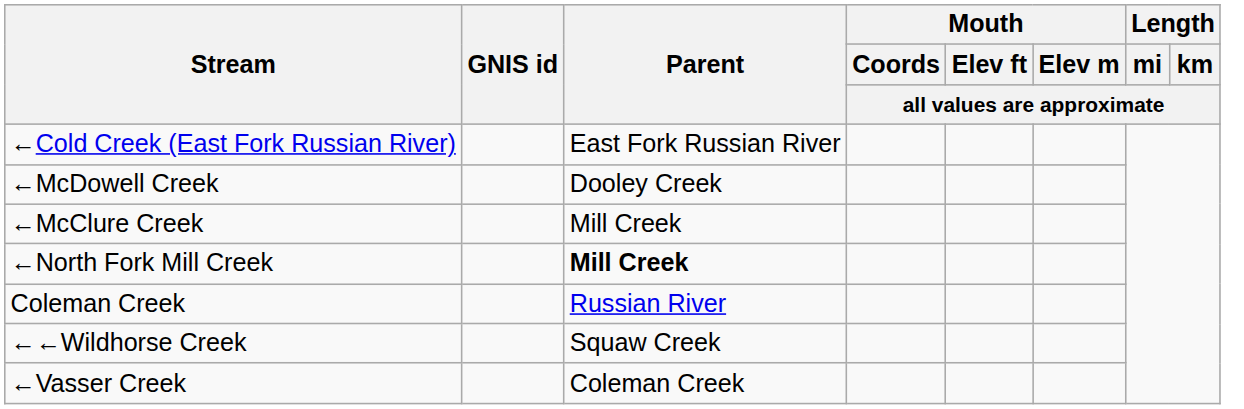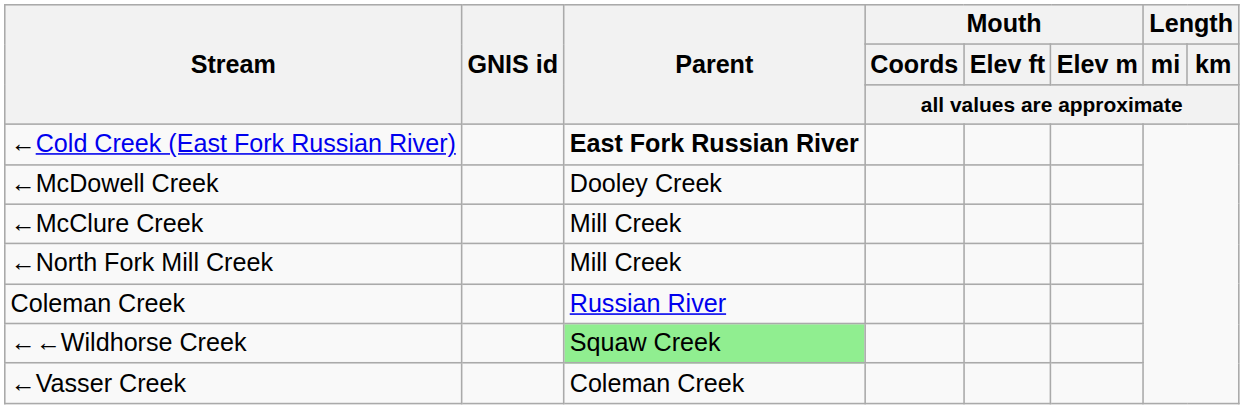 <table class="wikitable sortable">
 <tr>
 <th rowspan=3>Stream</th>
 <th rowspan=3>GNIS id</th>
 <th rowspan=3>Parent</th>
 <th colspan=3>Mouth</th>
 <th colspan=2>Length</th>
 </tr>
 <tr>
 <th>Coords</th>
 <th>Elev ft</th>
 <th>Elev m</th>
 <th>mi</th>
 <th>km</th>
 </tr>
 <tr>
 <th colspan=5><small>all values are approximate</small></th>
 </tr>
 <tr>
 <td> ←<a href='#'>Cold Creek (East Fork Russian River)</a></td>
 <td></td>
-<td>East Fork Russian River</td>
+<td><strong>East Fork Russian River</strong></td>
 <td></td>
 <td></td>
 <td></td>
 </tr>
 <tr>
 <td> ←McDowell Creek</td>
 <td></td>
 <td>Dooley Creek</td>
 <td></td>
 <td></td>
 <td></td>
 </tr>
 <tr>
 <td> ←McClure Creek</td>
 <td></td>
 <td>Mill Creek</td>
 <td></td>
 <td></td>
 <td></td>
 </tr>
 <tr>
 <td> ←North Fork Mill Creek</td>
 <td></td>
-<td><strong>Mill Creek</strong></td>
+<td>Mill Creek</td>
 <td></td>
 <td></td>
 <td></td>
 </tr>
 <tr>
 <td> Coleman Creek</td>
 <td></td>
 <td><a href='#'>Russian River</a></td>
 <td></td>
 <td></td>
 <td></td>
 </tr>
 <tr>
 <td> ←←Wildhorse Creek</td>
 <td></td>
-<td>Squaw Creek</td>
+<td style="background: lightgreen;">Squaw Creek</td>
 <td></td>
 <td></td>
 <td></td>
 </tr>
 <tr>
 <td> ←Vasser Creek</td>
 <td></td>
 <td>Coleman Creek</td>
 <td></td>
 <td></td>
 <td></td>
 </tr>
 </table>
